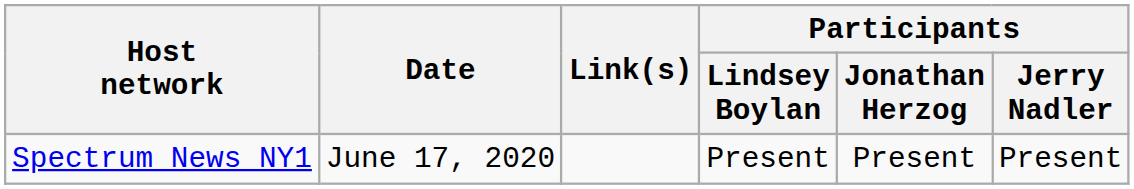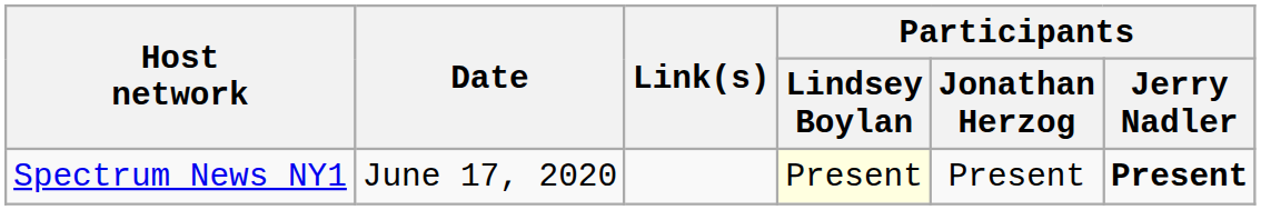 <table class="wikitable">
 <tr>
 <th rowspan="2">Host<br>network</th>
 <th rowspan="2">Date</th>
 <th rowspan="2">Link(s)</th>
 <th colspan="4">Participants</th>
 </tr>
 <tr>
 <th>Lindsey<br>Boylan</th>
 <th>Jonathan<br>Herzog</th>
 <th>Jerry<br>Nadler</th>
 </tr>
 <tr>
 <td><a href='#'>Spectrum News NY1</a></td>
 <td>June 17, 2020</td>
 <td></td>
+<td style="background: lightyellow; text-align:center">Present</td>
 <td style="text-align:center">Present</td>
-<td style="text-align:center">Present</td>
-<td style="text-align:center">Present</td>
+<td style="text-align:center"><strong>Present</strong></td>
 </tr>
 </table>
